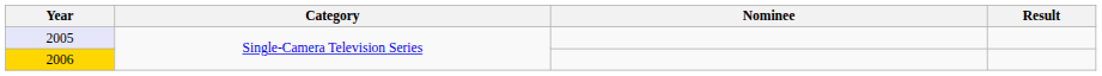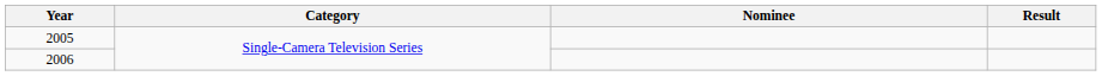 <table class="wikitable" width="80%">
 <tr>
 <th width="10%">Year</th>
 <th width="40%">Category</th>
 <th width="40%">Nominee</th>
 <th width="10%">Result</th>
 </tr>
 <tr>
-<td align="center" style="background: lavender;">2005</td>
+<td align="center">2005</td>
 <td rowspan="2" align="center"><a href='#'>Single-Camera Television Series</a></td>
 <td align="center"></td>
 <td></td>
 </tr>
 <tr>
-<td align="center" style="background: gold;">2006</td>
+<td align="center">2006</td>
 <td align="center"></td>
 <td></td>
 </tr>
 </table>
